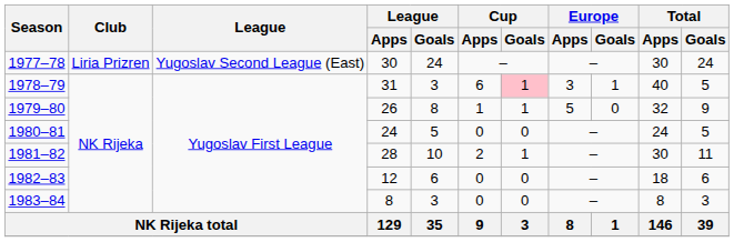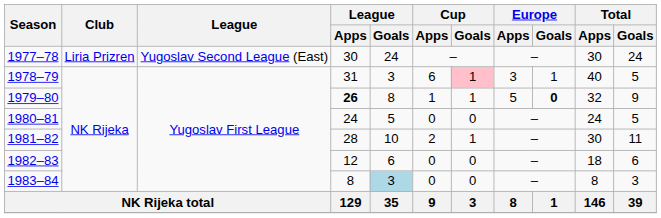 <table class="wikitable" style="font-size:100%; text-align: center">
 <tr>
 <th rowspan="2">Season</th>
 <th rowspan="2">Club</th>
 <th rowspan="2">League</th>
 <th colspan="2">League</th>
 <th colspan="2">Cup</th>
 <th colspan="2"><a href='#'>Europe</a></th>
 <th colspan="2">Total</th>
 </tr>
 <tr>
 <th>Apps</th>
 <th>Goals</th>
 <th>Apps</th>
 <th>Goals</th>
 <th>Apps</th>
 <th>Goals</th>
 <th>Apps</th>
 <th>Goals</th>
 </tr>
 <tr>
 <td><a href='#'>1977–78</a></td>
 <td rowspan="1" valign="center"><a href='#'>Liria Prizren</a></td>
 <td rowspan="1"><a href='#'>Yugoslav Second League</a> (East)</td>
 <td>30</td>
 <td>24</td>
 <td colspan="2">–</td>
 <td colspan="2">–</td>
 <td>30</td>
 <td>24</td>
 </tr>
 <tr>
 <td><a href='#'>1978–79</a></td>
 <td rowspan="6" valign="center"><a href='#'>NK Rijeka</a></td>
 <td rowspan="6"><a href='#'>Yugoslav First League</a></td>
 <td>31</td>
 <td>3</td>
 <td>6</td>
 <td style="background: pink;">1</td>
 <td>3</td>
 <td>1</td>
 <td>40</td>
 <td>5</td>
 </tr>
 <tr>
 <td><a href='#'>1979–80</a></td>
-<td>26</td>
+<td><strong>26</strong></td>
 <td>8</td>
 <td>1</td>
 <td>1</td>
 <td>5</td>
-<td>0</td>
+<td><strong>0</strong></td>
 <td>32</td>
 <td>9</td>
 </tr>
 <tr>
 <td><a href='#'>1980–81</a></td>
 <td>24</td>
 <td>5</td>
 <td>0</td>
 <td>0</td>
 <td colspan="2">–</td>
 <td>24</td>
 <td>5</td>
 </tr>
 <tr>
 <td><a href='#'>1981–82</a></td>
 <td>28</td>
 <td>10</td>
 <td>2</td>
 <td>1</td>
 <td colspan="2">–</td>
 <td>30</td>
 <td>11</td>
 </tr>
 <tr>
 <td><a href='#'>1982–83</a></td>
 <td>12</td>
 <td>6</td>
 <td>0</td>
 <td>0</td>
 <td colspan="2">–</td>
 <td>18</td>
 <td>6</td>
 </tr>
 <tr>
 <td><a href='#'>1983–84</a></td>
 <td>8</td>
-<td>3</td>
+<td style="background: lightblue;">3</td>
 <td>0</td>
 <td>0</td>
 <td colspan="2">–</td>
 <td>8</td>
 <td>3</td>
 </tr>
 <tr>
 <th colspan=3>NK Rijeka total</th>
 <th>129</th>
 <th>35</th>
 <th>9</th>
 <th>3</th>
 <th>8</th>
 <th>1</th>
 <th>146</th>
 <th>39</th>
 </tr>
 <tr>
 </tr>
 </table>
